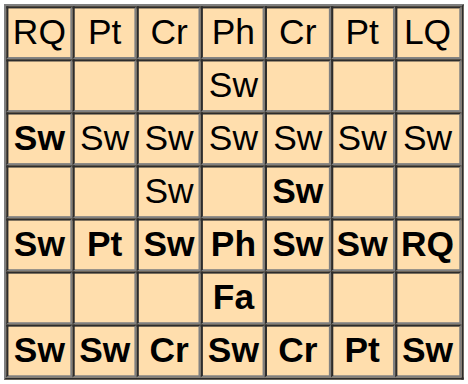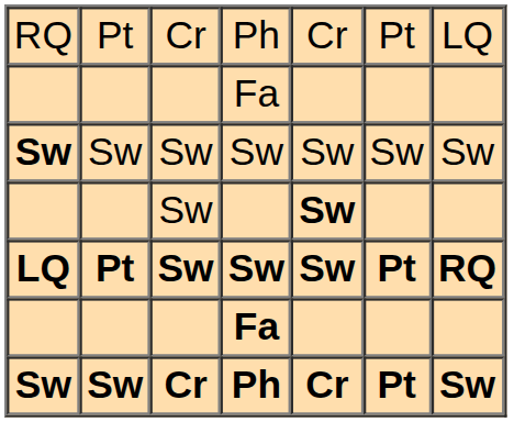 <table style="background:#ffdead" border=1 cellpadding=2 cellspacing=0>
 <tr align=center>
 <td>RQ</td>
 <td>Pt</td>
 <td>Cr</td>
 <td>Ph</td>
 <td>Cr</td>
 <td>Pt</td>
 <td>LQ</td>
 </tr>
 <tr align=center>
 <td> </td>
 <td> </td>
 <td> </td>
-<td>Sw</td>
+<td>Fa</td>
 <td> </td>
 <td> </td>
 <td> </td>
 </tr>
 <tr align=center>
 <td><strong>Sw</strong></td>
 <td>Sw</td>
 <td>Sw</td>
 <td>Sw</td>
 <td>Sw</td>
 <td>Sw</td>
 <td>Sw</td>
 </tr>
 <tr align=center>
 <td> </td>
 <td> </td>
 <td>Sw</td>
 <td> </td>
 <td><strong>Sw</strong></td>
 <td> </td>
 <td> </td>
 </tr>
 <tr align=center>
+<td><strong>LQ</strong></td>
+<td><strong>Pt</strong></td>
+<td><strong>Sw</strong></td>
+<td><strong>Sw</strong></td>
 <td><strong>Sw</strong></td>
 <td><strong>Pt</strong></td>
-<td><strong>Sw</strong></td>
-<td><strong>Ph</strong></td>
-<td><strong>Sw</strong></td>
-<td><strong>Sw</strong></td>
 <td><strong>RQ</strong></td>
 </tr>
 <tr align=center>
 <td> </td>
 <td> </td>
 <td> </td>
 <td><strong>Fa</strong></td>
 <td> </td>
 <td> </td>
 <td> </td>
 </tr>
 <tr align=center>
 <td><strong>Sw</strong></td>
 <td><strong>Sw</strong></td>
 <td><strong>Cr</strong></td>
-<td><strong>Sw</strong></td>
+<td><strong>Ph</strong></td>
 <td><strong>Cr</strong></td>
 <td><strong>Pt</strong></td>
 <td><strong>Sw</strong></td>
 </tr>
 </table>
